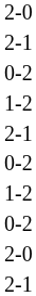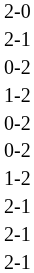 <table style="width:50%;" cellspacing="1">
 <tr>
 <th width=15%></th>
 <th width=10%></th>
 <th width=15%></th>
 </tr>
 <tr>
 </tr>
 <tr style=font-size:90%>
 <td align=right></td>
 <td align=center>2-0</td>
 <td></td>
 </tr>
 <tr style=font-size:90%>
 <td align=right></td>
 <td align=center>2-1</td>
 <td></td>
 </tr>
 <tr style=font-size:90%>
 <td align=right></td>
 <td align=center>0-2</td>
 <td></td>
 </tr>
 <tr style=font-size:90%>
 <td align=right></td>
 <td align=center>1-2</td>
 <td></td>
 </tr>
 <tr style=font-size:90%>
 <td align=right></td>
-<td align=center>2-1</td>
+<td align=center>0-2</td>
 <td></td>
 </tr>
 <tr style=font-size:90%>
 <td align=right></td>
 <td align=center>0-2</td>
 <td></td>
 </tr>
 <tr style=font-size:90%>
 <td align=right></td>
 <td align=center>1-2</td>
 <td></td>
 </tr>
 <tr style=font-size:90%>
 <td align=right></td>
-<td align=center>0-2</td>
+<td align=center>2-1</td>
 <td></td>
 </tr>
 <tr style=font-size:90%>
 <td align=right></td>
-<td align=center>2-0</td>
+<td align=center>2-1</td>
 <td></td>
 </tr>
 <tr style=font-size:90%>
 <td align=right></td>
 <td align=center>2-1</td>
 <td></td>
 </tr>
 </table>
